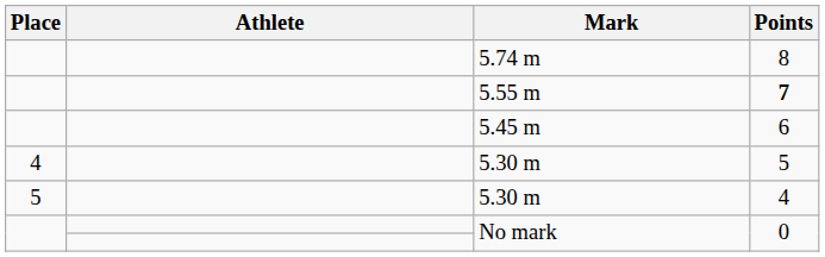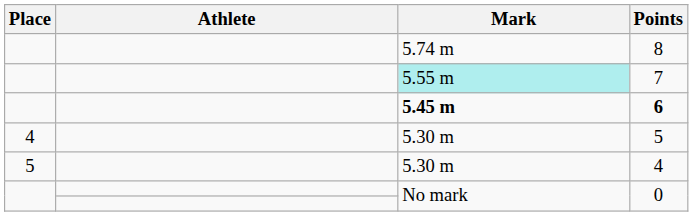 <table class=wikitable>
 <tr>
 <th>Place</th>
 <th style="width:18em">Athlete</th>
 <th style="width:12em">Mark</th>
 <th>Points</th>
 </tr>
 <tr>
 <td align=center></td>
 <td></td>
 <td>5.74 m</td>
 <td align=center>8</td>
 </tr>
 <tr>
 <td align=center></td>
 <td></td>
-<td>5.55 m</td>
-<td align=center><strong>7</strong></td>
+<td style="background: paleturquoise;">5.55 m</td>
+<td align=center>7</td>
 </tr>
 <tr>
 <td align=center></td>
 <td></td>
-<td>5.45 m</td>
-<td align=center>6</td>
+<td><strong>5.45 m</strong></td>
+<td align=center><strong>6</strong></td>
 </tr>
 <tr>
 <td align=center>4</td>
 <td></td>
 <td>5.30 m</td>
 <td align=center>5</td>
 </tr>
 <tr>
 <td align=center>5</td>
 <td></td>
 <td>5.30 m</td>
 <td align=center>4</td>
 </tr>
 <tr>
 <td align=center rowspan=2></td>
 <td></td>
 <td rowspan=2>No mark</td>
 <td rowspan=2 align=center>0</td>
 </tr>
 <tr>
 <td></td>
 </tr>
 </table>
